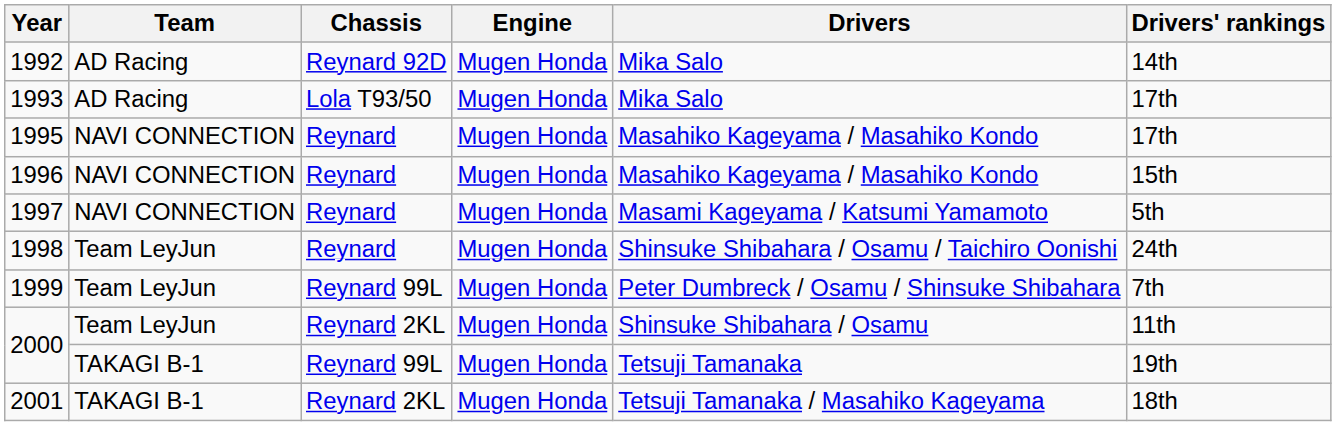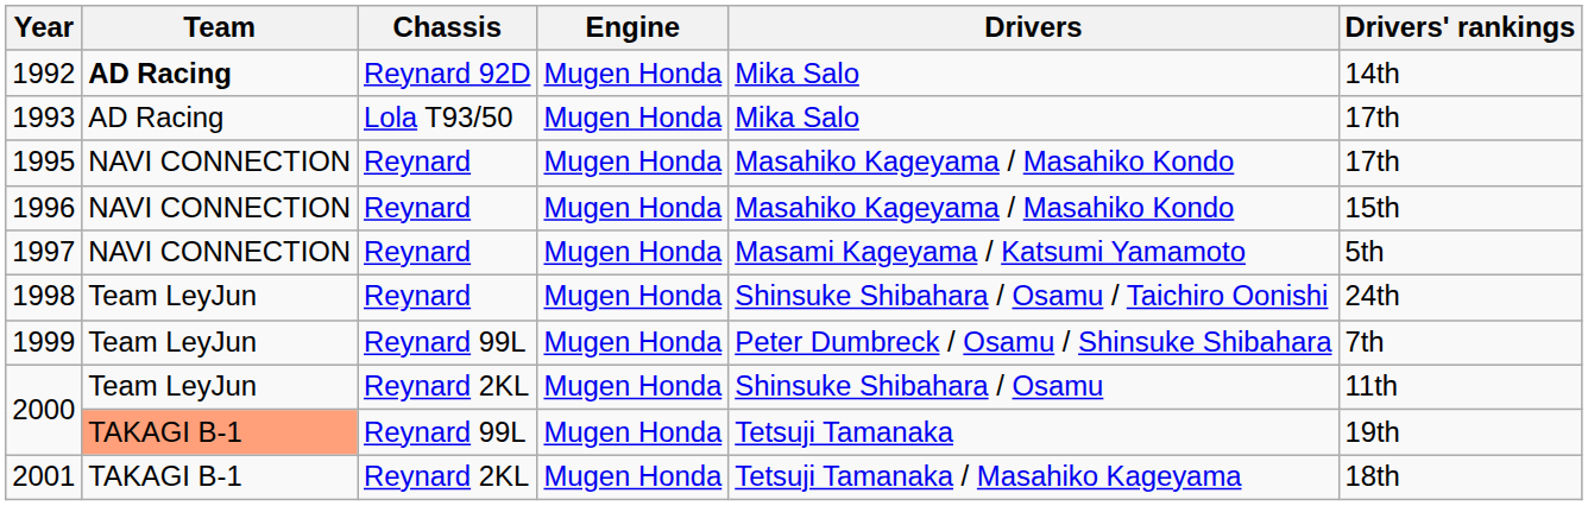 <table class="wikitable">
 <tr>
 <th>Year</th>
 <th>Team</th>
 <th>Chassis</th>
 <th>Engine</th>
 <th>Drivers</th>
 <th>Drivers' rankings</th>
 </tr>
 <tr>
 <td>1992</td>
-<td>AD Racing</td>
+<td><strong>AD Racing</strong></td>
 <td><a href='#'>Reynard 92D</a></td>
 <td><a href='#'>Mugen Honda</a></td>
 <td> <a href='#'>Mika Salo</a></td>
 <td>14th</td>
 </tr>
 <tr>
 <td>1993</td>
 <td>AD Racing</td>
 <td><a href='#'>Lola</a> T93/50</td>
 <td><a href='#'>Mugen Honda</a></td>
 <td> <a href='#'>Mika Salo</a></td>
 <td>17th</td>
 </tr>
 <tr>
 <td>1995</td>
 <td>NAVI CONNECTION</td>
 <td><a href='#'>Reynard</a></td>
 <td><a href='#'>Mugen Honda</a></td>
 <td> <a href='#'>Masahiko Kageyama</a> /  <a href='#'>Masahiko Kondo</a></td>
 <td>17th</td>
 </tr>
 <tr>
 <td>1996</td>
 <td>NAVI CONNECTION</td>
 <td><a href='#'>Reynard</a></td>
 <td><a href='#'>Mugen Honda</a></td>
 <td> <a href='#'>Masahiko Kageyama</a> /  <a href='#'>Masahiko Kondo</a></td>
 <td>15th</td>
 </tr>
 <tr>
 <td>1997</td>
 <td>NAVI CONNECTION</td>
 <td><a href='#'>Reynard</a></td>
 <td><a href='#'>Mugen Honda</a></td>
 <td> <a href='#'>Masami Kageyama</a> /  <a href='#'>Katsumi Yamamoto</a></td>
 <td>5th</td>
 </tr>
 <tr>
 <td>1998</td>
 <td>Team LeyJun</td>
 <td><a href='#'>Reynard</a></td>
 <td><a href='#'>Mugen Honda</a></td>
 <td> <a href='#'>Shinsuke Shibahara</a> /  <a href='#'>Osamu</a> /  <a href='#'>Taichiro Oonishi</a></td>
 <td>24th</td>
 </tr>
 <tr>
 <td>1999</td>
 <td>Team LeyJun</td>
 <td><a href='#'>Reynard</a> 99L</td>
 <td><a href='#'>Mugen Honda</a></td>
 <td> <a href='#'>Peter Dumbreck</a> /  <a href='#'>Osamu</a> /  <a href='#'>Shinsuke Shibahara</a></td>
 <td>7th</td>
 </tr>
 <tr>
 <td rowspan="2">2000</td>
 <td>Team LeyJun</td>
 <td><a href='#'>Reynard</a> 2KL</td>
 <td><a href='#'>Mugen Honda</a></td>
 <td> <a href='#'>Shinsuke Shibahara</a> /  <a href='#'>Osamu</a></td>
 <td>11th</td>
 </tr>
 <tr>
-<td>TAKAGI B-1</td>
+<td style="background: lightsalmon;">TAKAGI B-1</td>
 <td><a href='#'>Reynard</a> 99L</td>
 <td><a href='#'>Mugen Honda</a></td>
 <td> <a href='#'>Tetsuji Tamanaka</a></td>
 <td>19th</td>
 </tr>
 <tr>
 <td>2001</td>
 <td>TAKAGI B-1</td>
 <td><a href='#'>Reynard</a> 2KL</td>
 <td><a href='#'>Mugen Honda</a></td>
 <td> <a href='#'>Tetsuji Tamanaka</a> /  <a href='#'>Masahiko Kageyama</a></td>
 <td>18th</td>
 </tr>
 </table>
